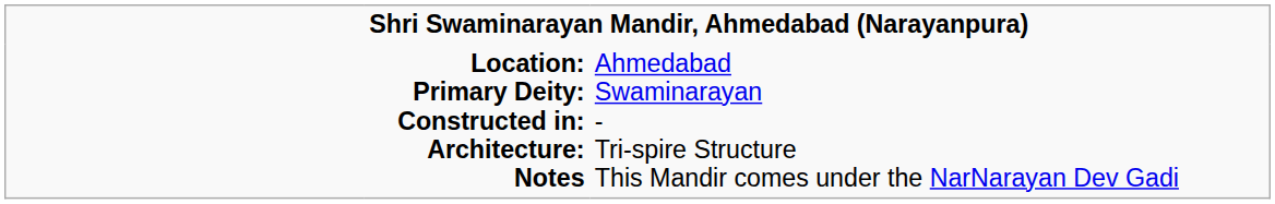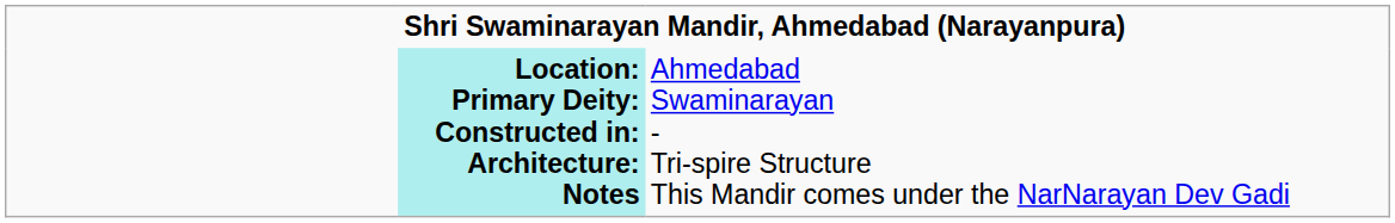 <table class="wikitable plain" border="0" width="800">
 <tr>
 <td width="220px" rowspan="2" style="border:none;"></td>
 <td valign="top" colspan=2 style="border:none;"><strong>Shri Swaminarayan Mandir, Ahmedabad (Narayanpura)</strong></td>
 </tr>
 <tr>
-<td valign="top" style="text-align:right; border:none;"><strong>Location:</strong> <br><strong>Primary Deity:</strong><br><strong>Constructed in:</strong><br><strong>Architecture:</strong><br><strong>Notes</strong></td>
+<td valign="top" style="background: paleturquoise; text-align:right; border:none;"><strong>Location:</strong> <br><strong>Primary Deity:</strong><br><strong>Constructed in:</strong><br><strong>Architecture:</strong><br><strong>Notes</strong></td>
 <td valign="top" style="border:none;"><a href='#'>Ahmedabad</a><br><a href='#'>Swaminarayan</a> <br>- <br>Tri-spire Structure  <br> This Mandir comes under the <a href='#'>NarNarayan Dev Gadi</a></td>
 </tr>
 </table>
